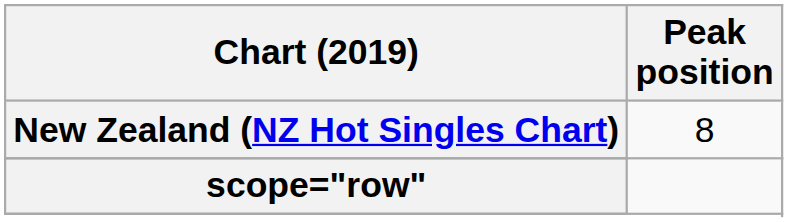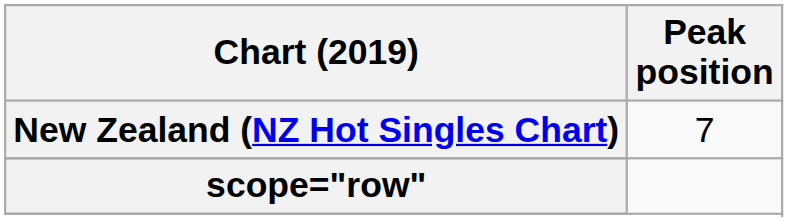 <table class="wikitable sortable plainrowheaders" style="text-align:center">
 <tr>
 <th scope="col">Chart (2019)</th>
 <th scope="col">Peak<br>position</th>
 </tr>
 <tr>
 <th scope="row">New Zealand (<a href='#'>NZ Hot Singles Chart</a>)</th>
-<td>8</td>
+<td>7</td>
 </tr>
 <tr>
 </tr>
 <tr>
 <th>scope="row"</th>
 </tr>
 <tr>
 </tr>
 </table>
